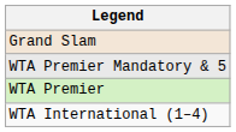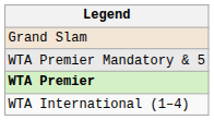 <table class="wikitable sortable" style=font-size:90%>
 <tr>
 <th>Legend</th>
 </tr>
 <tr>
 <td bgcolor=f3e6d7>Grand Slam</td>
 </tr>
 <tr>
 <td bgcolor=e9e9e9>WTA Premier Mandatory & 5</td>
 </tr>
 <tr>
-<td bgcolor=d4f1c5>WTA Premier</td>
+<td bgcolor=d4f1c5><strong>WTA Premier</strong></td>
 </tr>
 <tr>
 <td>WTA International (1–4)</td>
 </tr>
 </table>
